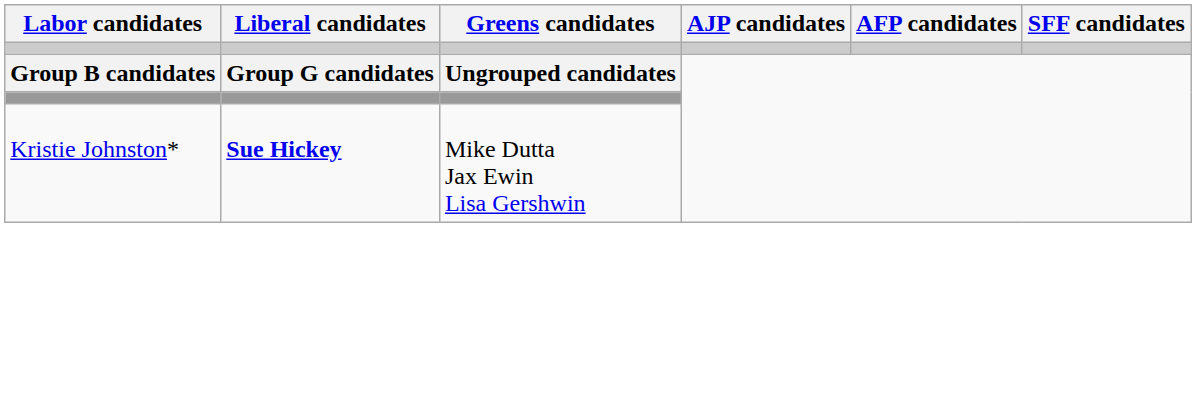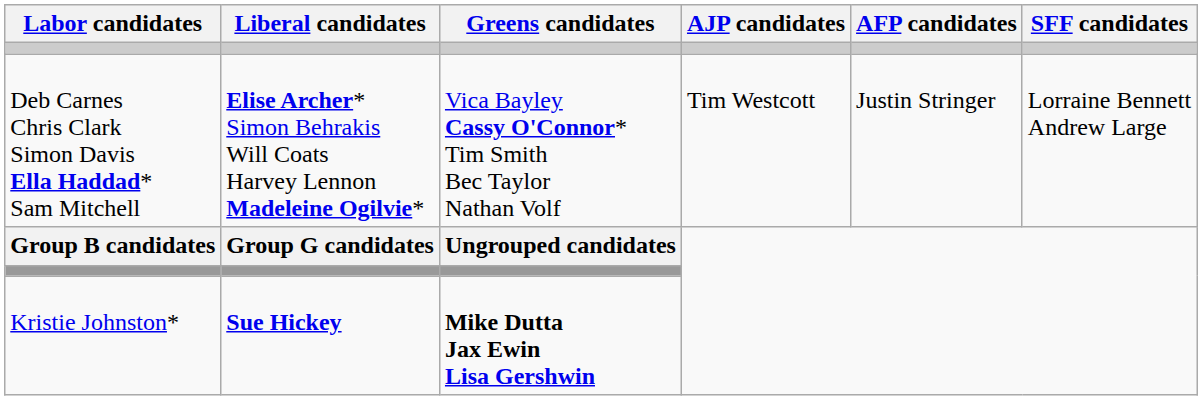 <table class="wikitable">
 <tr>
 <th><a href='#'>Labor</a> candidates</th>
 <th><a href='#'>Liberal</a> candidates</th>
 <th><a href='#'>Greens</a> candidates</th>
 <th><a href='#'>AJP</a> candidates</th>
 <th><a href='#'>AFP</a> candidates</th>
 <th><a href='#'>SFF</a> candidates</th>
 </tr>
 <tr bgcolor="#cccccc">
 <td></td>
 <td></td>
 <td></td>
 <td></td>
 <td></td>
 <td></td>
 </tr>
 <tr>
+<td valign=top ><br>Deb Carnes<br> Chris Clark<br> Simon Davis<br> <strong><a href='#'>Ella Haddad</a></strong>*<br> Sam Mitchell</td>
+<td valign=top ><br><strong><a href='#'>Elise Archer</a></strong>*<br> <a href='#'>Simon Behrakis</a><br> Will Coats<br> Harvey Lennon<br> <strong><a href='#'>Madeleine Ogilvie</a></strong>*<br></td>
+<td valign=top ><br><a href='#'>Vica Bayley</a><br> <strong><a href='#'>Cassy O'Connor</a></strong>*<br> Tim Smith<br> Bec Taylor<br> Nathan Volf<br></td>
+<td valign=top><br>Tim Westcott</td>
+<td valign=top><br>Justin Stringer</td>
+<td valign=top><br>Lorraine Bennett<br> Andrew Large</td>
+</tr>
+<tr>
 <th>Group B candidates</th>
 <th>Group G candidates</th>
 <th>Ungrouped candidates</th>
 </tr>
 <tr>
 <td bgcolor="#999999"></td>
 <td bgcolor="#999999"></td>
 <td bgcolor="#999999"></td>
 </tr>
 <tr>
 <td valign=top ><br><a href='#'>Kristie Johnston</a>*</td>
 <td valign=top><br><strong><a href='#'>Sue Hickey</a></strong></td>
-<td valign=top><br>Mike Dutta<br> Jax Ewin<br> <a href='#'>Lisa Gershwin</a></td>
+<td valign=top><strong><br>Mike Dutta<br> Jax Ewin<br> <a href='#'>Lisa Gershwin</a></strong></td>
 </tr>
 </table>
